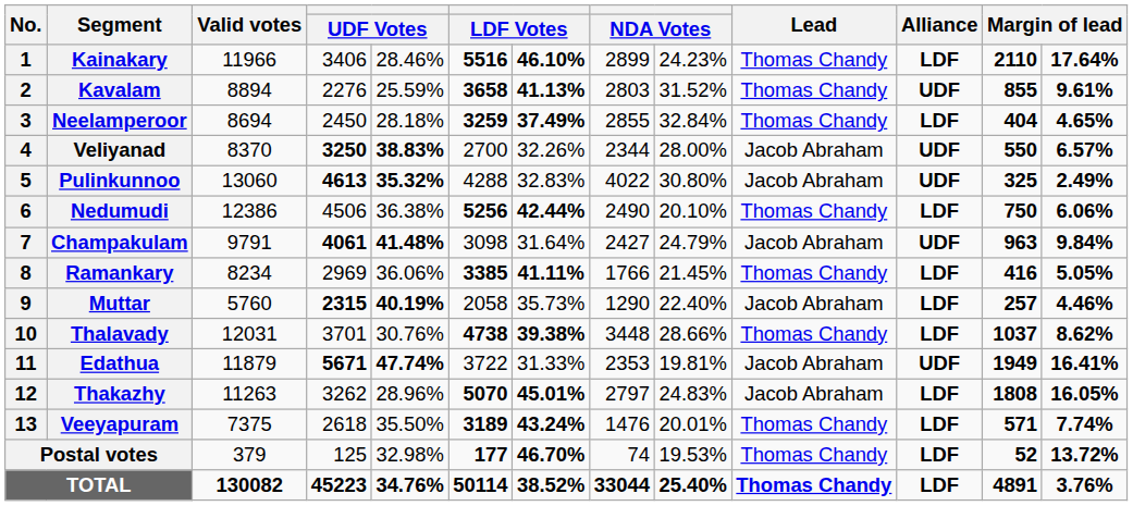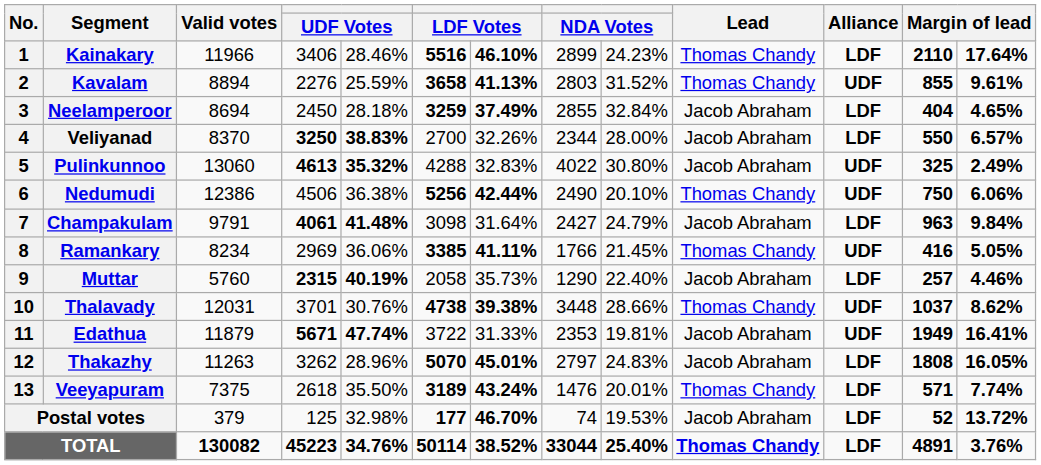 <table class="wikitable sortable" style="text-align:center;font-size:95%;line-height:16px">
 <tr>
 <th rowspan="2">No.</th>
 <th rowspan="2">Segment</th>
 <th rowspan="2">Valid votes</th>
 <th colspan="2" style="background:"></th>
 <th colspan="2" style="background:"></th>
 <th colspan="2" style="background:"></th>
 <th rowspan="2">Lead</th>
 <th rowspan="2">Alliance</th>
 <th rowspan="2" colspan="2">Margin of lead</th>
 </tr>
 <tr>
 <th colspan="2" width="50" class="unsortable "><a href='#'>UDF Votes</a></th>
 <th colspan="2" width="50" class="unsortable "><a href='#'>LDF Votes</a></th>
 <th colspan="2" width="50" class="unsortable "><a href='#'>NDA Votes</a></th>
 </tr>
 <tr>
 <th>1</th>
 <th><a href='#'>Kainakary</a></th>
 <td align="center">11966</td>
 <td align="right">3406</td>
 <td>28.46%</td>
 <td align="right" style="color:"><strong>5516</strong></td>
 <td style="color:"><strong>46.10%</strong></td>
 <td align="right">2899</td>
 <td>24.23%</td>
 <td><a href='#'>Thomas Chandy</a></td>
 <td align="center" style="background:"><strong>LDF</strong></td>
 <td align="right" style="color:"><strong>2110</strong></td>
 <td style="color:"><strong>17.64%</strong></td>
 </tr>
 <tr>
 <th>2</th>
 <th><a href='#'>Kavalam</a></th>
 <td align="center">8894</td>
 <td align="right">2276</td>
 <td>25.59%</td>
 <td align="right" style="color:"><strong>3658</strong></td>
 <td style="color:"><strong>41.13%</strong></td>
 <td align="right">2803</td>
 <td>31.52%</td>
 <td><a href='#'>Thomas Chandy</a></td>
 <td align="center" style="background:"><strong>UDF</strong></td>
 <td align="right" style="color:"><strong>855</strong></td>
 <td style="color:"><strong>9.61%</strong></td>
 </tr>
 <tr>
 <th>3</th>
 <th><a href='#'>Neelamperoor</a></th>
 <td align="center">8694</td>
 <td align="right">2450</td>
 <td>28.18%</td>
 <td align="right" style="color:"><strong>3259</strong></td>
 <td style="color:"><strong>37.49%</strong></td>
 <td align="right">2855</td>
 <td>32.84%</td>
-<td><a href='#'>Thomas Chandy</a></td>
+<td>Jacob Abraham</td>
 <td align="center" style="background:"><strong>LDF</strong></td>
 <td align="right" style="color:"><strong>404</strong></td>
 <td style="color:"><strong>4.65%</strong></td>
 </tr>
 <tr>
 <th>4</th>
 <th>Veliyanad</th>
 <td align="center">8370</td>
 <td align="right" style="color:"><strong>3250</strong></td>
 <td style="color:"><strong>38.83%</strong></td>
 <td align="right">2700</td>
 <td>32.26%</td>
 <td align="right">2344</td>
 <td>28.00%</td>
 <td>Jacob Abraham</td>
-<td align="center" style="background:"><strong>UDF</strong></td>
+<td align="center" style="background:"><strong>LDF</strong></td>
 <td align="right" style="color:"><strong>550</strong></td>
 <td style="color:"><strong>6.57%</strong></td>
 </tr>
 <tr>
 <th>5</th>
 <th><a href='#'>Pulinkunnoo</a></th>
 <td align="center">13060</td>
 <td align="right" style="color:"><strong>4613</strong></td>
 <td style="color:"><strong>35.32%</strong></td>
 <td align="right">4288</td>
 <td>32.83%</td>
 <td align="right">4022</td>
 <td>30.80%</td>
 <td>Jacob Abraham</td>
 <td align="center" style="background:"><strong>UDF</strong></td>
 <td align="right" style="color:"><strong>325</strong></td>
 <td style="color:"><strong>2.49%</strong></td>
 </tr>
 <tr>
 <th>6</th>
 <th><a href='#'>Nedumudi</a></th>
 <td align="center">12386</td>
 <td align="right">4506</td>
 <td>36.38%</td>
 <td align="right" style="color:"><strong>5256</strong></td>
 <td style="color:"><strong>42.44%</strong></td>
 <td align="right">2490</td>
 <td>20.10%</td>
 <td><a href='#'>Thomas Chandy</a></td>
-<td align="center" style="background:"><strong>LDF</strong></td>
+<td align="center" style="background:"><strong>UDF</strong></td>
 <td align="right" style="color:"><strong>750</strong></td>
 <td style="color:"><strong>6.06%</strong></td>
 </tr>
 <tr>
 <th>7</th>
 <th><a href='#'>Champakulam</a></th>
 <td align="center">9791</td>
 <td align="right" style="color:"><strong>4061</strong></td>
 <td style="color:"><strong>41.48%</strong></td>
 <td align="right">3098</td>
 <td>31.64%</td>
 <td align="right">2427</td>
 <td>24.79%</td>
 <td>Jacob Abraham</td>
-<td align="center" style="background:"><strong>UDF</strong></td>
+<td align="center" style="background:"><strong>LDF</strong></td>
 <td align="right" style="color:"><strong>963</strong></td>
 <td style="color:"><strong>9.84%</strong></td>
 </tr>
 <tr>
 <th>8</th>
 <th><a href='#'>Ramankary</a></th>
 <td align="center">8234</td>
 <td align="right">2969</td>
 <td>36.06%</td>
 <td align="right" style="color:"><strong>3385</strong></td>
 <td style="color:"><strong>41.11%</strong></td>
 <td align="right">1766</td>
 <td>21.45%</td>
 <td><a href='#'>Thomas Chandy</a></td>
-<td align="center" style="background:"><strong>LDF</strong></td>
+<td align="center" style="background:"><strong>UDF</strong></td>
 <td align="right" style="color:"><strong>416</strong></td>
 <td style="color:"><strong>5.05%</strong></td>
 </tr>
 <tr>
 <th>9</th>
 <th><a href='#'>Muttar</a></th>
 <td align="center">5760</td>
 <td align="right" style="color:"><strong>2315</strong></td>
 <td style="color:"><strong>40.19%</strong></td>
 <td align="right">2058</td>
 <td>35.73%</td>
 <td align="right">1290</td>
 <td>22.40%</td>
 <td>Jacob Abraham</td>
 <td align="center" style="background:"><strong>LDF</strong></td>
 <td align="right" style="color:"><strong>257</strong></td>
 <td style="color:"><strong>4.46%</strong></td>
 </tr>
 <tr>
 <th>10</th>
 <th><a href='#'>Thalavady</a></th>
 <td align="center">12031</td>
 <td align="right">3701</td>
 <td>30.76%</td>
 <td align="right" style="color:"><strong>4738</strong></td>
 <td style="color:"><strong>39.38%</strong></td>
 <td align="right">3448</td>
 <td>28.66%</td>
 <td><a href='#'>Thomas Chandy</a></td>
-<td align="center" style="background:"><strong>LDF</strong></td>
+<td align="center" style="background:"><strong>UDF</strong></td>
 <td align="right" style="color:"><strong>1037</strong></td>
 <td style="color:"><strong>8.62%</strong></td>
 </tr>
 <tr>
 <th>11</th>
 <th><a href='#'>Edathua</a></th>
 <td align="center">11879</td>
 <td align="right" style="color:"><strong>5671</strong></td>
 <td style="color:"><strong>47.74%</strong></td>
 <td align="right">3722</td>
 <td>31.33%</td>
 <td align="right">2353</td>
 <td>19.81%</td>
 <td>Jacob Abraham</td>
 <td align="center" style="background:"><strong>UDF</strong></td>
 <td align="right" style="color:"><strong>1949</strong></td>
 <td style="color:"><strong>16.41%</strong></td>
 </tr>
 <tr>
 <th>12</th>
 <th><a href='#'>Thakazhy</a></th>
 <td align="center">11263</td>
 <td align="right">3262</td>
 <td>28.96%</td>
 <td align="right" style="color:"><strong>5070</strong></td>
 <td style="color:"><strong>45.01%</strong></td>
 <td align="right">2797</td>
 <td>24.83%</td>
 <td>Jacob Abraham</td>
 <td align="center" style="background:"><strong>LDF</strong></td>
 <td align="right" style="color:"><strong>1808</strong></td>
 <td style="color:"><strong>16.05%</strong></td>
 </tr>
 <tr>
 <th>13</th>
 <th><a href='#'>Veeyapuram</a></th>
 <td align="center">7375</td>
 <td align="right">2618</td>
 <td>35.50%</td>
 <td align="right" style="color:"><strong>3189</strong></td>
 <td style="color:"><strong>43.24%</strong></td>
 <td align="right">1476</td>
 <td>20.01%</td>
 <td><a href='#'>Thomas Chandy</a></td>
 <td align="center" style="background:"><strong>LDF</strong></td>
 <td align="right" style="color:"><strong>571</strong></td>
 <td style="color:"><strong>7.74%</strong></td>
 </tr>
 <tr>
 <th colspan=2>Postal votes</th>
 <td align="center">379</td>
 <td align="right">125</td>
 <td>32.98%</td>
 <td align="right" style="color:"><strong>177</strong></td>
 <td style="color:"><strong>46.70%</strong></td>
 <td align="right">74</td>
 <td>19.53%</td>
-<td><a href='#'>Thomas Chandy</a></td>
+<td>Jacob Abraham</td>
 <td align="center" style="background:"><strong>LDF</strong></td>
 <td align="right" style="color:"><strong>52</strong></td>
 <td style="color:"><strong>13.72%</strong></td>
 </tr>
 <tr>
 <th colspan="2" style="background-color:#666666; color:white">TOTAL</th>
 <td align="center"><strong>130082</strong></td>
 <td align="right" style="background:"><strong>45223</strong></td>
 <td style="background:"><strong>34.76%</strong></td>
 <td align="right" style="background:"><strong>50114</strong></td>
 <td style="background:"><strong>38.52%</strong></td>
 <td align="right" style="background:"><strong>33044</strong></td>
 <td style="background:"><strong>25.40%</strong></td>
 <td><strong><a href='#'>Thomas Chandy</a></strong></td>
 <td align="center" style="background:"><strong>LDF</strong></td>
 <td align="right" style="color:"><strong>4891</strong></td>
 <td style="color:"><strong>3.76%</strong></td>
 </tr>
 </table>
